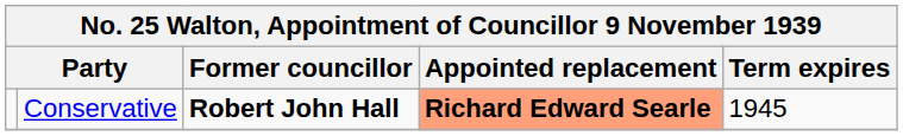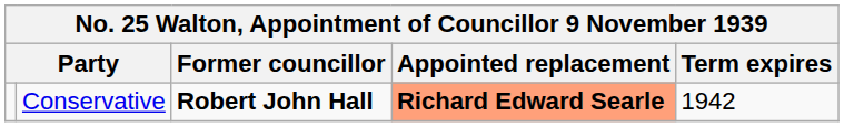 <table class="wikitable">
 <tr>
 <th colspan="5"><strong>No. 25 Walton, Appointment of Councillor 9 November 1939</strong></th>
 </tr>
 <tr>
 <th colspan="2">Party</th>
 <th>Former councillor</th>
 <th>Appointed replacement</th>
 <th>Term expires</th>
 </tr>
 <tr>
 <td style="background-color:"></td>
 <td><a href='#'>Conservative</a></td>
 <td><strong>Robert John Hall</strong></td>
 <td style="background: lightsalmon;"><strong>Richard Edward Searle</strong></td>
-<td>1945</td>
+<td>1942</td>
 </tr>
 <tr>
 </tr>
 </table>
